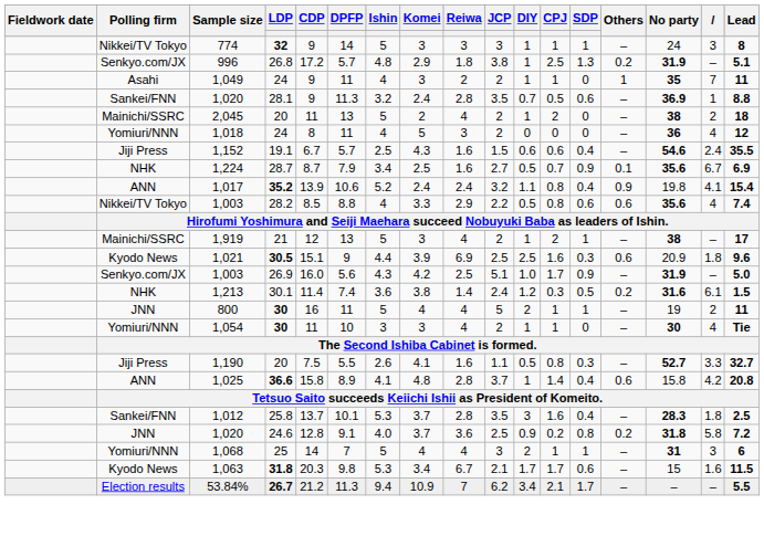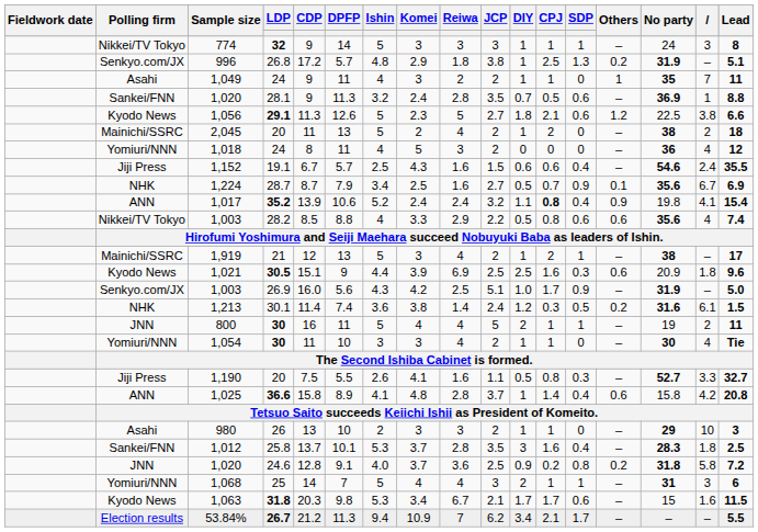 <table class="wikitable mw-datatable sortable mw-collapsible" style="text-align:center;font-size:90%;line-height:14px;">
 <tr style="height:30px; background-color:#8B8B8B">
 <th rowspan="2">Fieldwork date</th>
 <th rowspan="2">Polling firm</th>
 <th class="unsortable" rowspan="2">Sample size</th>
 <th class="unsortable"><a href='#'>LDP</a></th>
 <th class="unsortable"><a href='#'>CDP</a></th>
 <th class="unsortable"><a href='#'>DPFP</a></th>
 <th class="unsortable"><a href='#'>Ishin</a></th>
 <th class="unsortable"><a href='#'>Komei</a></th>
 <th class="unsortable"><a href='#'>Reiwa</a></th>
 <th class="unsortable"><a href='#'>JCP</a></th>
 <th class="unsortable"><a href='#'>DIY</a></th>
 <th class="unsortable"><a href='#'>CPJ</a></th>
 <th class="unsortable"><a href='#'>SDP</a></th>
 <th class="unsortable" rowspan="2">Others</th>
 <th class="unsortable" rowspan="2">No party</th>
 <th class="unsortable" rowspan="2">/<br></th>
 <th class="unsortable" rowspan="2">Lead</th>
 </tr>
 <tr>
 <th data-sort-type="number" style="background:"></th>
 <th data-sort-type="number" style="background:"></th>
 <th data-sort-type="number" style="background:"></th>
 <th data-sort-type="number" style="background:"></th>
 <th data-sort-type="number" style="background:"></th>
 <th data-sort-type="number" style="background:"></th>
 <th data-sort-type="number" style="background:"></th>
 <th data-sort-type="number" style="background:"></th>
 <th data-sort-type="number" style="background:"></th>
 <th data-sort-type="number" style="background:"></th>
 </tr>
 <tr>
 <td></td>
 <td>Nikkei/TV Tokyo</td>
 <td>774</td>
 <td><strong>32</strong></td>
 <td>9</td>
 <td>14</td>
 <td>5</td>
 <td>3</td>
 <td>3</td>
 <td>3</td>
 <td>1</td>
 <td>1</td>
 <td>1</td>
 <td>–</td>
 <td>24</td>
 <td>3</td>
 <td style="background:"><strong>8</strong></td>
 </tr>
 <tr>
 <td></td>
 <td>Senkyo.com/JX</td>
 <td>996</td>
 <td>26.8</td>
 <td>17.2</td>
 <td>5.7</td>
 <td>4.8</td>
 <td>2.9</td>
 <td>1.8</td>
 <td>3.8</td>
 <td>1</td>
 <td>2.5</td>
 <td>1.3</td>
 <td>0.2</td>
 <td><strong>31.9</strong></td>
 <td>–</td>
 <td style="background:"><strong>5.1</strong></td>
 </tr>
 <tr>
 <td></td>
 <td>Asahi</td>
 <td>1,049</td>
 <td>24</td>
 <td>9</td>
 <td>11</td>
 <td>4</td>
 <td>3</td>
 <td>2</td>
 <td>2</td>
 <td>1</td>
 <td>1</td>
 <td>0</td>
 <td>1</td>
 <td><strong>35</strong></td>
 <td>7</td>
 <td style="background:"><strong>11</strong></td>
 </tr>
 <tr>
 <td></td>
 <td>Sankei/FNN</td>
 <td>1,020</td>
 <td>28.1</td>
 <td>9</td>
 <td>11.3</td>
 <td>3.2</td>
 <td>2.4</td>
 <td>2.8</td>
 <td>3.5</td>
 <td>0.7</td>
 <td>0.5</td>
 <td>0.6</td>
 <td>–</td>
 <td><strong>36.9</strong></td>
 <td>1</td>
 <td style="background:"><strong>8.8</strong></td>
 </tr>
 <tr>
 <td></td>
+<td>Kyodo News</td>
+<td>1,056</td>
+<td><strong>29.1</strong></td>
+<td>11.3</td>
+<td>12.6</td>
+<td>5</td>
+<td>2.3</td>
+<td>5</td>
+<td>2.7</td>
+<td>1.8</td>
+<td>2.1</td>
+<td>0.6</td>
+<td>1.2</td>
+<td>22.5</td>
+<td>3.8</td>
+<td style="background:"><strong>6.6</strong></td>
+</tr>
+<tr>
+<td></td>
 <td>Mainichi/SSRC</td>
 <td>2,045</td>
 <td>20</td>
 <td>11</td>
 <td>13</td>
 <td>5</td>
 <td>2</td>
 <td>4</td>
 <td>2</td>
 <td>1</td>
 <td>2</td>
 <td>0</td>
 <td>–</td>
 <td><strong>38</strong></td>
 <td>2</td>
 <td style="background:"><strong>18</strong></td>
 </tr>
 <tr>
 <td></td>
 <td>Yomiuri/NNN</td>
 <td>1,018</td>
 <td>24</td>
 <td>8</td>
 <td>11</td>
 <td>4</td>
 <td>5</td>
 <td>3</td>
 <td>2</td>
 <td>0</td>
 <td>0</td>
 <td>0</td>
 <td>–</td>
 <td><strong>36</strong></td>
 <td>4</td>
 <td style="background:"><strong>12</strong></td>
 </tr>
 <tr>
 <td></td>
 <td>Jiji Press</td>
 <td>1,152</td>
 <td>19.1</td>
 <td>6.7</td>
 <td>5.7</td>
 <td>2.5</td>
 <td>4.3</td>
 <td>1.6</td>
 <td>1.5</td>
 <td>0.6</td>
 <td>0.6</td>
 <td>0.4</td>
 <td>–</td>
 <td><strong>54.6</strong></td>
 <td>2.4</td>
 <td style="background:"><strong>35.5</strong></td>
 </tr>
 <tr>
 <td></td>
 <td>NHK</td>
 <td>1,224</td>
 <td>28.7</td>
 <td>8.7</td>
 <td>7.9</td>
 <td>3.4</td>
 <td>2.5</td>
 <td>1.6</td>
 <td>2.7</td>
 <td>0.5</td>
 <td>0.7</td>
 <td>0.9</td>
 <td>0.1</td>
 <td><strong>35.6</strong></td>
 <td>6.7</td>
 <td style="background:"><strong>6.9</strong></td>
 </tr>
 <tr>
 <td></td>
 <td>ANN</td>
 <td>1,017</td>
 <td><strong>35.2</strong></td>
 <td>13.9</td>
 <td>10.6</td>
 <td>5.2</td>
 <td>2.4</td>
 <td>2.4</td>
 <td>3.2</td>
 <td>1.1</td>
-<td>0.8</td>
+<td><strong>0.8</strong></td>
 <td>0.4</td>
 <td>0.9</td>
 <td>19.8</td>
 <td>4.1</td>
 <td style="background:"><strong>15.4</strong></td>
 </tr>
 <tr>
 <td></td>
 <td>Nikkei/TV Tokyo</td>
 <td>1,003</td>
 <td>28.2</td>
 <td>8.5</td>
 <td>8.8</td>
 <td>4</td>
 <td>3.3</td>
 <td>2.9</td>
 <td>2.2</td>
 <td>0.5</td>
 <td>0.8</td>
 <td>0.6</td>
 <td>0.6</td>
 <td><strong>35.6</strong></td>
 <td>4</td>
 <td style="background:"><strong>7.4</strong></td>
 </tr>
 <tr>
 <th></th>
 <th colspan="16"><a href='#'>Hirofumi Yoshimura</a> and <a href='#'>Seiji Maehara</a> succeed <a href='#'>Nobuyuki Baba</a> as leaders of Ishin.</th>
 </tr>
 <tr>
 <td></td>
 <td>Mainichi/SSRC</td>
 <td>1,919</td>
 <td>21</td>
 <td>12</td>
 <td>13</td>
 <td>5</td>
 <td>3</td>
 <td>4</td>
 <td>2</td>
 <td>1</td>
 <td>2</td>
 <td>1</td>
 <td>–</td>
 <td><strong>38</strong></td>
 <td>–</td>
 <td style="background:"><strong>17</strong></td>
 </tr>
 <tr>
 <td></td>
 <td>Kyodo News</td>
 <td>1,021</td>
 <td><strong>30.5</strong></td>
 <td>15.1</td>
 <td>9</td>
 <td>4.4</td>
 <td>3.9</td>
 <td>6.9</td>
 <td>2.5</td>
 <td>2.5</td>
 <td>1.6</td>
 <td>0.3</td>
 <td>0.6</td>
 <td>20.9</td>
 <td>1.8</td>
 <td style="background:"><strong>9.6</strong></td>
 </tr>
 <tr>
 <td></td>
 <td>Senkyo.com/JX</td>
 <td>1,003</td>
 <td>26.9</td>
 <td>16.0</td>
 <td>5.6</td>
 <td>4.3</td>
 <td>4.2</td>
 <td>2.5</td>
 <td>5.1</td>
 <td>1.0</td>
 <td>1.7</td>
 <td>0.9</td>
 <td>–</td>
 <td><strong>31.9</strong></td>
 <td>–</td>
 <td style="background:"><strong>5.0</strong></td>
 </tr>
 <tr>
 <td></td>
 <td>NHK</td>
 <td>1,213</td>
 <td>30.1</td>
 <td>11.4</td>
 <td>7.4</td>
 <td>3.6</td>
 <td>3.8</td>
 <td>1.4</td>
 <td>2.4</td>
 <td>1.2</td>
 <td>0.3</td>
 <td>0.5</td>
 <td>0.2</td>
 <td><strong>31.6</strong></td>
 <td>6.1</td>
 <td style="background:"><strong>1.5</strong></td>
 </tr>
 <tr>
 <td></td>
 <td>JNN</td>
 <td>800</td>
 <td><strong>30</strong></td>
 <td>16</td>
 <td>11</td>
 <td>5</td>
 <td>4</td>
 <td>4</td>
 <td>5</td>
 <td>2</td>
 <td>1</td>
 <td>1</td>
 <td>–</td>
 <td>19</td>
 <td>2</td>
 <td style="background:"><strong>11</strong></td>
 </tr>
 <tr>
 <td></td>
 <td>Yomiuri/NNN</td>
 <td>1,054</td>
 <td><strong>30</strong></td>
 <td>11</td>
 <td>10</td>
 <td>3</td>
 <td>3</td>
 <td>4</td>
 <td>2</td>
 <td>1</td>
 <td>1</td>
 <td>0</td>
 <td>–</td>
 <td><strong>30</strong></td>
 <td>4</td>
 <td style="background:"><strong>Tie</strong></td>
 </tr>
 <tr>
 <th></th>
 <th colspan="16">The <a href='#'>Second Ishiba Cabinet</a> is formed.</th>
 </tr>
 <tr>
 <td></td>
 <td>Jiji Press</td>
 <td>1,190</td>
 <td>20</td>
 <td>7.5</td>
 <td>5.5</td>
 <td>2.6</td>
 <td>4.1</td>
 <td>1.6</td>
 <td>1.1</td>
 <td>0.5</td>
 <td>0.8</td>
 <td>0.3</td>
 <td>–</td>
 <td><strong>52.7</strong></td>
 <td>3.3</td>
 <td style="background:"><strong>32.7</strong></td>
 </tr>
 <tr>
 <td></td>
 <td>ANN</td>
 <td>1,025</td>
 <td><strong>36.6</strong></td>
 <td>15.8</td>
 <td>8.9</td>
 <td>4.1</td>
 <td>4.8</td>
 <td>2.8</td>
 <td>3.7</td>
 <td>1</td>
 <td>1.4</td>
 <td>0.4</td>
 <td>0.6</td>
 <td>15.8</td>
 <td>4.2</td>
 <td style="background:"><strong>20.8</strong></td>
 </tr>
 <tr>
 <th></th>
 <th colspan="16"><a href='#'>Tetsuo Saito</a> succeeds <a href='#'>Keiichi Ishii</a> as President of Komeito.</th>
 </tr>
 <tr>
 <td></td>
+<td>Asahi</td>
+<td>980</td>
+<td>26</td>
+<td>13</td>
+<td>10</td>
+<td>2</td>
+<td>3</td>
+<td>3</td>
+<td>2</td>
+<td>1</td>
+<td>1</td>
+<td>0</td>
+<td>–</td>
+<td><strong>29</strong></td>
+<td>10</td>
+<td style="background:"><strong>3</strong></td>
+</tr>
+<tr>
+<td></td>
 <td>Sankei/FNN</td>
 <td>1,012</td>
 <td>25.8</td>
 <td>13.7</td>
 <td>10.1</td>
 <td>5.3</td>
 <td>3.7</td>
 <td>2.8</td>
 <td>3.5</td>
 <td>3</td>
 <td>1.6</td>
 <td>0.4</td>
 <td>–</td>
 <td><strong>28.3</strong></td>
 <td>1.8</td>
 <td style="background:"><strong>2.5</strong></td>
 </tr>
 <tr>
 <td></td>
 <td>JNN</td>
 <td>1,020</td>
 <td>24.6</td>
 <td>12.8</td>
 <td>9.1</td>
 <td>4.0</td>
 <td>3.7</td>
 <td>3.6</td>
 <td>2.5</td>
 <td>0.9</td>
 <td>0.2</td>
 <td>0.8</td>
 <td>0.2</td>
 <td><strong>31.8</strong></td>
 <td>5.8</td>
 <td style="background:"><strong>7.2</strong></td>
 </tr>
 <tr>
 <td></td>
 <td>Yomiuri/NNN</td>
 <td>1,068</td>
 <td>25</td>
 <td>14</td>
 <td>7</td>
 <td>5</td>
 <td>4</td>
 <td>4</td>
 <td>3</td>
 <td>2</td>
 <td>1</td>
 <td>1</td>
 <td>–</td>
 <td><strong>31</strong></td>
 <td>3</td>
 <td style="background:"><strong>6</strong></td>
 </tr>
 <tr>
 <td></td>
 <td>Kyodo News</td>
 <td>1,063</td>
 <td><strong>31.8</strong></td>
 <td>20.3</td>
 <td>9.8</td>
 <td>5.3</td>
 <td>3.4</td>
 <td>6.7</td>
 <td>2.1</td>
 <td>1.7</td>
 <td>1.7</td>
 <td>0.6</td>
 <td>–</td>
 <td>15</td>
 <td>1.6</td>
 <td style="background:"><strong>11.5</strong></td>
 </tr>
 <tr style="background:#EFEFEF;">
 <td></td>
 <td><a href='#'>Election results</a></td>
 <td>53.84%</td>
 <td><strong>26.7</strong></td>
 <td>21.2</td>
 <td>11.3</td>
 <td>9.4</td>
 <td>10.9</td>
 <td>7</td>
 <td>6.2</td>
 <td>3.4</td>
 <td>2.1</td>
 <td>1.7</td>
 <td>–</td>
 <td>–</td>
 <td>–</td>
 <td style="background:"><strong>5.5</strong></td>
 </tr>
 </table>
